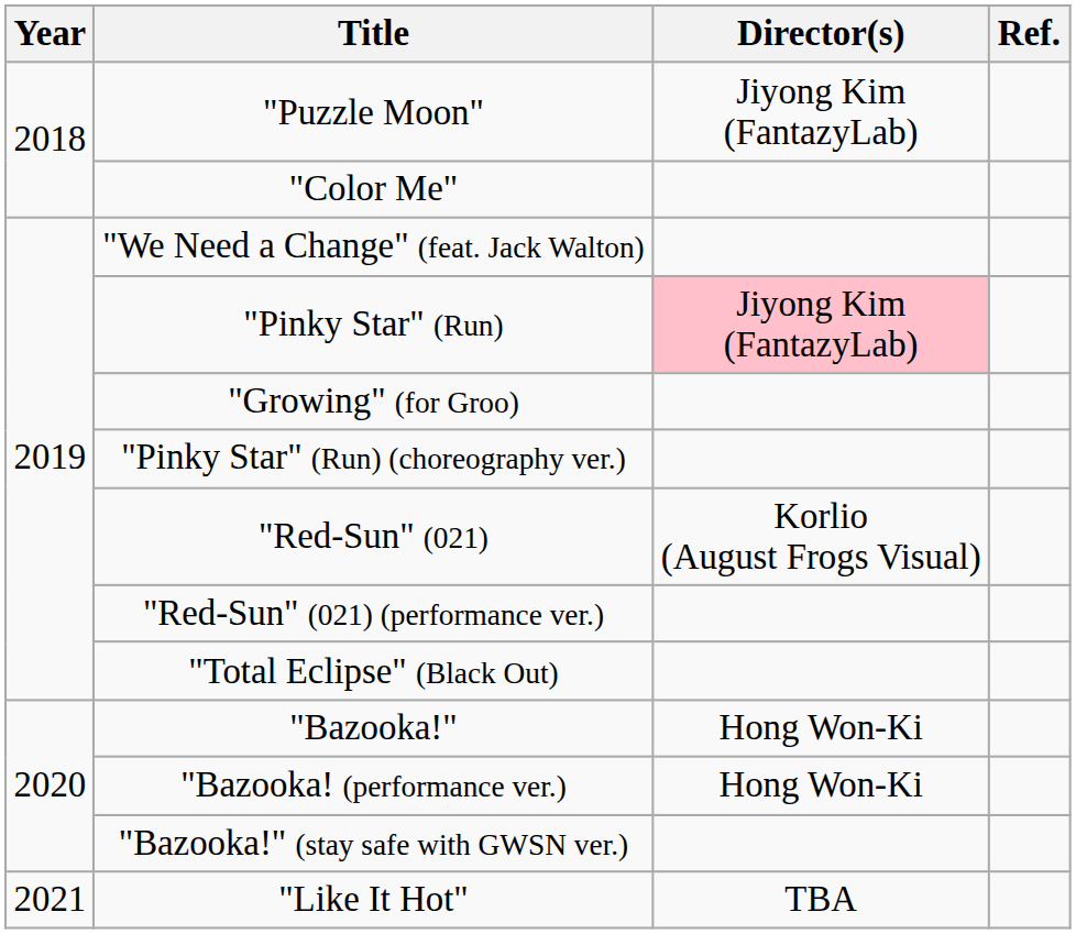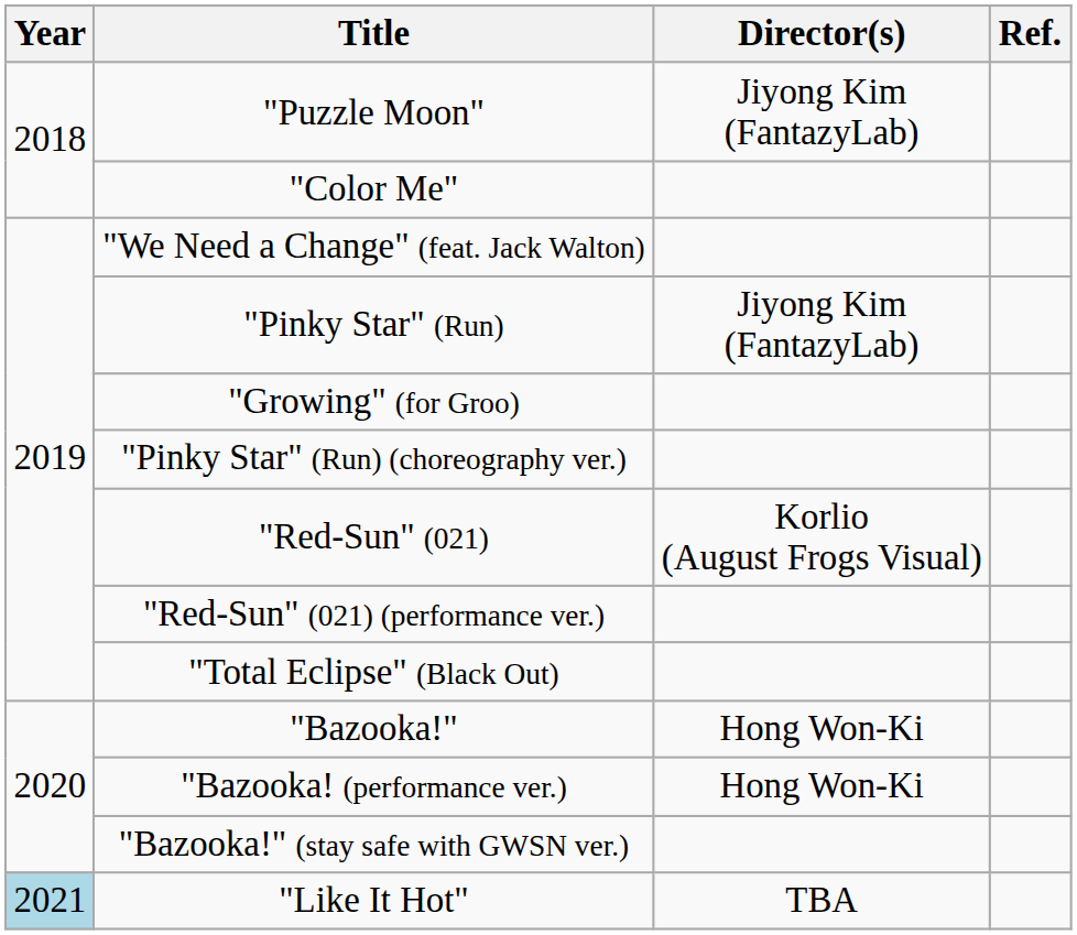 <table class="wikitable plainrowheaders" style="text-align:center;">
 <tr>
 <th scope="col">Year</th>
 <th scope="col">Title</th>
 <th scope="col">Director(s)</th>
 <th scope="col">Ref.</th>
 </tr>
 <tr>
 <td rowspan="2">2018</td>
 <td>"Puzzle Moon" </td>
 <td>Jiyong Kim<br>(FantazyLab)</td>
 <td></td>
 </tr>
 <tr>
 <td>"Color Me" </td>
 <td></td>
 <td></td>
 </tr>
 <tr>
 <td rowspan="7">2019</td>
 <td>"We Need a Change" <small>(feat. Jack Walton)</small></td>
 <td></td>
 <td></td>
 </tr>
 <tr>
 <td>"Pinky Star" <small>(Run)</small></td>
-<td style="background: pink;">Jiyong Kim<br>(FantazyLab)</td>
+<td>Jiyong Kim<br>(FantazyLab)</td>
 <td></td>
 </tr>
 <tr>
 <td>"Growing" <small>(for Groo)</small></td>
 <td></td>
 <td></td>
 </tr>
 <tr>
 <td>"Pinky Star" <small>(Run) (choreography ver.)</small></td>
 <td></td>
 <td></td>
 </tr>
 <tr>
 <td>"Red-Sun" <small>(021)</small></td>
 <td>Korlio<br>(August Frogs Visual)</td>
 <td></td>
 </tr>
 <tr>
 <td>"Red-Sun" <small>(021) (performance ver.)</small></td>
 <td></td>
 <td></td>
 </tr>
 <tr>
 <td>"Total Eclipse" <small>(Black Out)</small></td>
 <td></td>
 <td></td>
 </tr>
 <tr>
 <td rowspan="3">2020</td>
 <td>"Bazooka!"</td>
 <td>Hong Won-Ki</td>
 <td></td>
 </tr>
 <tr>
 <td>"Bazooka! <small>(performance ver.)</small></td>
 <td>Hong Won-Ki</td>
 <td></td>
 </tr>
 <tr>
 <td>"Bazooka!" <small>(stay safe with GWSN ver.)</small></td>
 <td></td>
 <td></td>
 </tr>
 <tr>
-<td>2021</td>
+<td style="background: lightblue;">2021</td>
 <td>"Like It Hot"</td>
 <td>TBA</td>
 <td></td>
 </tr>
 </table>
